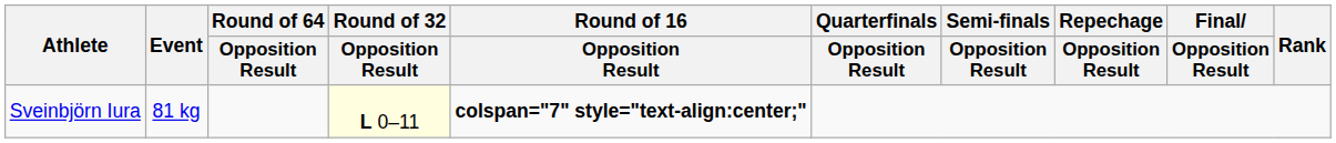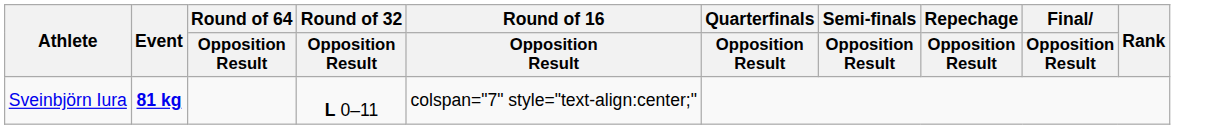 <table class=wikitable style="text-align:center; font-size:90%">
 <tr>
 <th rowspan="2">Athlete</th>
 <th rowspan="2">Event</th>
 <th>Round of 64</th>
 <th>Round of 32</th>
 <th>Round of 16</th>
 <th>Quarterfinals</th>
 <th>Semi-finals</th>
 <th>Repechage</th>
 <th>Final/</th>
 <th rowspan=2>Rank</th>
 </tr>
 <tr style="font-size:95%">
 <th>Opposition<br>Result</th>
 <th>Opposition<br>Result</th>
 <th>Opposition<br>Result</th>
 <th>Opposition<br>Result</th>
 <th>Opposition<br>Result</th>
 <th>Opposition<br>Result</th>
 <th>Opposition<br>Result</th>
 </tr>
 <tr>
 <td align=left><a href='#'>Sveinbjörn Iura</a></td>
-<td><a href='#'>81 kg</a></td>
+<td><strong><a href='#'>81 kg</a></strong></td>
 <td></td>
-<td style="background: lightyellow; text-align:center;"><br><strong>L</strong> 0–11</td>
-<td><strong>colspan="7" style="text-align:center;"</strong></td>
+<td style="text-align:center;"><br><strong>L</strong> 0–11</td>
+<td>colspan="7" style="text-align:center;"</td>
 </tr>
 </table>
